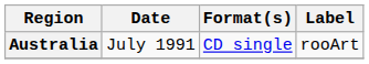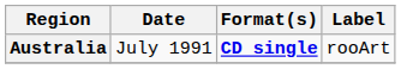 <table class="wikitable plainrowheaders">
 <tr>
 <th scope="col">Region</th>
 <th scope="col">Date</th>
 <th scope="col">Format(s)</th>
 <th scope="col">Label</th>
 </tr>
 <tr>
 <th scope="row">Australia</th>
 <td>July 1991</td>
-<td><a href='#'>CD single</a></td>
+<td><strong><a href='#'>CD single</a></strong></td>
 <td>rooArt</td>
 </tr>
 <tr>
 </tr>
 </table>
